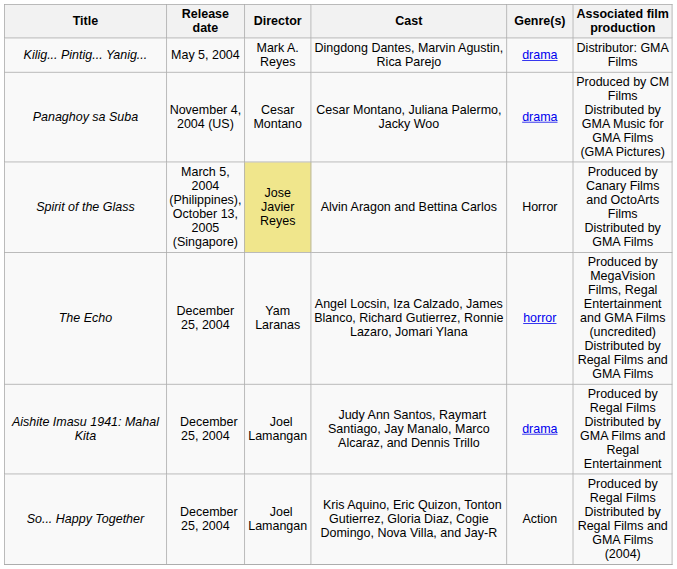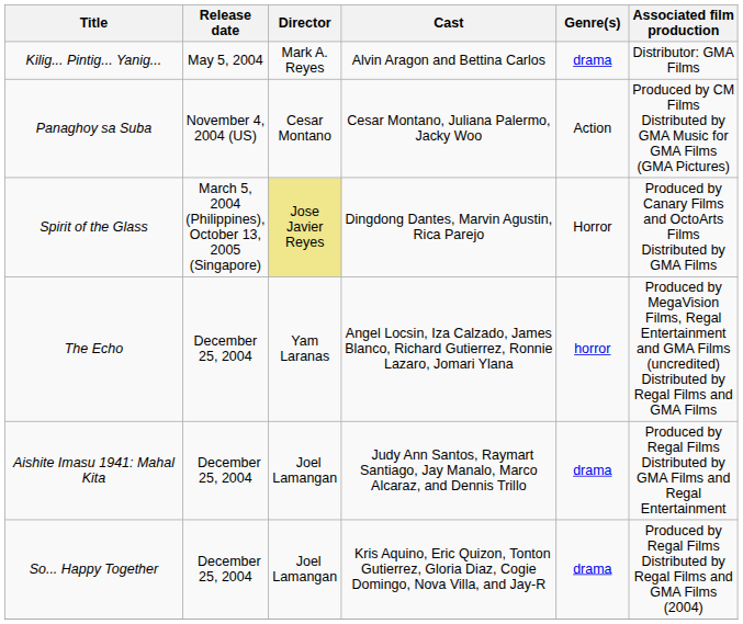 <table class="wikitable" "toccolours sortable" style="width:97%; text-align:center">
 <tr>
 <th style="width:25%;">Title</th>
 <th style="width:10%;">Release date</th>
 <th style="width:10%;">Director</th>
 <th style="width:30%;">Cast</th>
 <th style="width:10%;">Genre(s)</th>
 <th style="width:15%;">Associated film production</th>
 </tr>
 <tr>
 <td><em>Kilig... Pintig... Yanig...</em></td>
 <td>May 5, 2004</td>
 <td>Mark A. Reyes</td>
-<td>Dingdong Dantes, Marvin Agustin, Rica Parejo</td>
+<td>Alvin Aragon and Bettina Carlos</td>
 <td><a href='#'>drama</a></td>
 <td>Distributor: GMA Films   </td>
 </tr>
 <tr>
 <td><em>Panaghoy sa Suba</em></td>
 <td>November 4, 2004 (US)</td>
 <td>Cesar Montano</td>
 <td>Cesar Montano, Juliana Palermo, Jacky Woo</td>
-<td><a href='#'>drama</a></td>
+<td>Action</td>
 <td>Produced by CM Films<br>Distributed by GMA Music for GMA Films (GMA Pictures)  </td>
 </tr>
 <tr>
 <td><em>Spirit of the Glass</em></td>
 <td>March 5, 2004 (Philippines), October 13, 2005 (Singapore)</td>
 <td style="background: khaki;">Jose Javier Reyes</td>
-<td>Alvin Aragon and Bettina Carlos</td>
+<td>Dingdong Dantes, Marvin Agustin, Rica Parejo</td>
 <td>Horror</td>
 <td>Produced by Canary Films and OctoArts Films<br>Distributed by GMA Films</td>
 </tr>
 <tr>
 <td><em>The Echo</em></td>
 <td>December 25, 2004</td>
 <td>Yam Laranas</td>
 <td>Angel Locsin, Iza Calzado, James Blanco, Richard Gutierrez, Ronnie Lazaro, Jomari Ylana</td>
 <td><a href='#'>horror</a></td>
 <td>Produced by MegaVision Films, Regal Entertainment and GMA Films (uncredited)<br>Distributed by Regal Films and GMA Films </td>
 </tr>
 <tr>
 <td><em>Aishite Imasu 1941: Mahal Kita</em></td>
 <td>  December 25, 2004</td>
 <td>  Joel Lamangan</td>
 <td>  Judy Ann Santos, Raymart Santiago, Jay Manalo, Marco Alcaraz, and Dennis Trillo</td>
 <td><a href='#'>drama</a></td>
 <td>Produced by Regal Films<br>Distributed by GMA Films and Regal Entertainment </td>
 </tr>
 <tr>
 <td><em>So... Happy Together</em></td>
 <td>  December 25, 2004</td>
 <td>  Joel Lamangan</td>
 <td>  Kris Aquino, Eric Quizon, Tonton Gutierrez, Gloria Diaz, Cogie Domingo, Nova Villa, and Jay-R</td>
-<td>Action</td>
+<td><a href='#'>drama</a></td>
 <td>Produced by Regal Films<br>Distributed by Regal  Films and GMA Films (2004) </td>
 </tr>
 <tr>
 </tr>
 </table>
